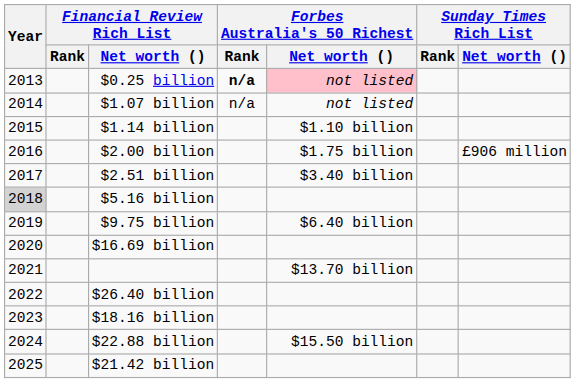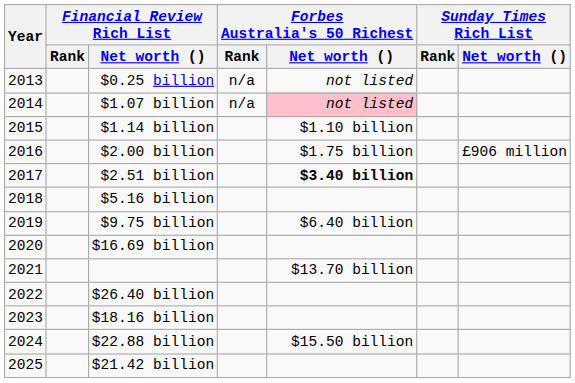 <table class="wikitable">
 <tr>
 <th rowspan=2>Year</th>
 <th colspan=2><em><a href='#'>Financial Review</a></em><br><a href='#'>Rich List</a></th>
 <th colspan=2><em><a href='#'>Forbes</a></em><br><a href='#'>Australia's 50 Richest</a></th>
 <th colspan=2><em><a href='#'>Sunday Times</a></em><br><a href='#'>Rich List</a></th>
 </tr>
 <tr>
 <th>Rank</th>
 <th><a href='#'>Net worth</a> ()</th>
 <th>Rank</th>
 <th><a href='#'>Net worth</a> ()</th>
 <th>Rank</th>
 <th><a href='#'>Net worth</a> ()</th>
 </tr>
 <tr>
 <td>2013</td>
 <td align="center"></td>
 <td align="right">$0.25 <a href='#'>billion</a> </td>
-<td align="center"><strong>n/a</strong></td>
-<td align="right" style="background: pink;"><em>not listed</em></td>
+<td align="center">n/a</td>
+<td align="right"><em>not listed</em></td>
 <td align="center"></td>
 <td align="right"></td>
 </tr>
 <tr>
 <td>2014</td>
 <td align="center"> </td>
 <td align="right">$1.07 billion </td>
 <td align="center">n/a</td>
-<td align="right"><em>not listed</em></td>
+<td align="right" style="background: pink;"><em>not listed</em></td>
 <td align="center"></td>
 <td align="right"></td>
 </tr>
 <tr>
 <td>2015</td>
 <td align="center"> </td>
 <td align="right">$1.14 billion </td>
 <td align="center"> </td>
 <td align="right">$1.10 billion </td>
 <td align="center"></td>
 <td align="right"></td>
 </tr>
 <tr>
 <td>2016</td>
 <td align="center"> </td>
 <td align="right">$2.00 billion </td>
 <td align="center"> </td>
 <td align="right">$1.75 billion </td>
 <td align="center"></td>
 <td align="right">£906 million </td>
 </tr>
 <tr>
 <td>2017</td>
 <td align="center"> </td>
 <td align="right">$2.51 billion </td>
 <td align="center"> </td>
-<td align="right">$3.40 billion </td>
+<td align="right"><strong>$3.40 billion </strong></td>
 <td align="center"></td>
 <td align="right"></td>
 </tr>
 <tr>
-<td style="background: lightgrey;">2018</td>
+<td>2018</td>
 <td align="center"> </td>
 <td align="right">$5.16 billion </td>
 <td align="center"> </td>
 <td align="right"></td>
 <td align="center"></td>
 <td align="right"></td>
 </tr>
 <tr>
 <td>2019</td>
 <td align="center"> </td>
 <td align="right">$9.75 billion </td>
 <td align="center"> </td>
 <td align="right">$6.40 billion </td>
 <td align="center"></td>
 <td align="right"></td>
 </tr>
 <tr>
 <td>2020</td>
 <td align="center"></td>
 <td align="right">$16.69 billion </td>
 <td align="center"></td>
 <td align="right"></td>
 <td align="center"></td>
 <td align="right"></td>
 </tr>
 <tr>
 <td>2021</td>
 <td align="center"> </td>
 <td align="right"></td>
 <td align="center"></td>
 <td align="right">$13.70 billion </td>
 <td align="center"></td>
 <td align="right"></td>
 </tr>
 <tr>
 <td>2022</td>
 <td align="center"> </td>
 <td align="right">$26.40 billion </td>
 <td align="center"></td>
 <td align="right"></td>
 <td align="center"></td>
 <td align="right"></td>
 </tr>
 <tr>
 <td>2023</td>
 <td align="center"> </td>
 <td align="right">$18.16 billion </td>
 <td align="center"></td>
 <td align="right"></td>
 <td align="center"></td>
 <td align="right"></td>
 </tr>
 <tr>
 <td>2024</td>
 <td align="center"> </td>
 <td align="right">$22.88 billion </td>
 <td align="center"></td>
 <td align="right">$15.50 billion </td>
 <td align="center"></td>
 <td align="right"></td>
 </tr>
 <tr>
 <td>2025</td>
 <td align="center"> </td>
 <td align="right">$21.42 billion </td>
 <td align="center"></td>
 <td align="right"></td>
 <td align="center"></td>
 <td align="right"></td>
 </tr>
 </table>
